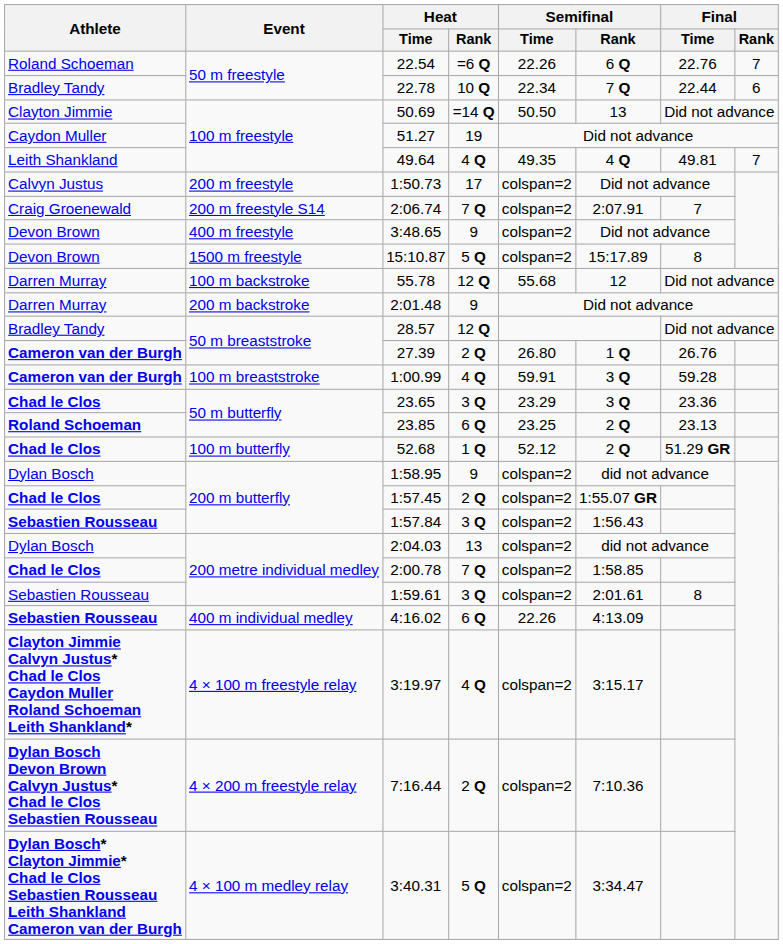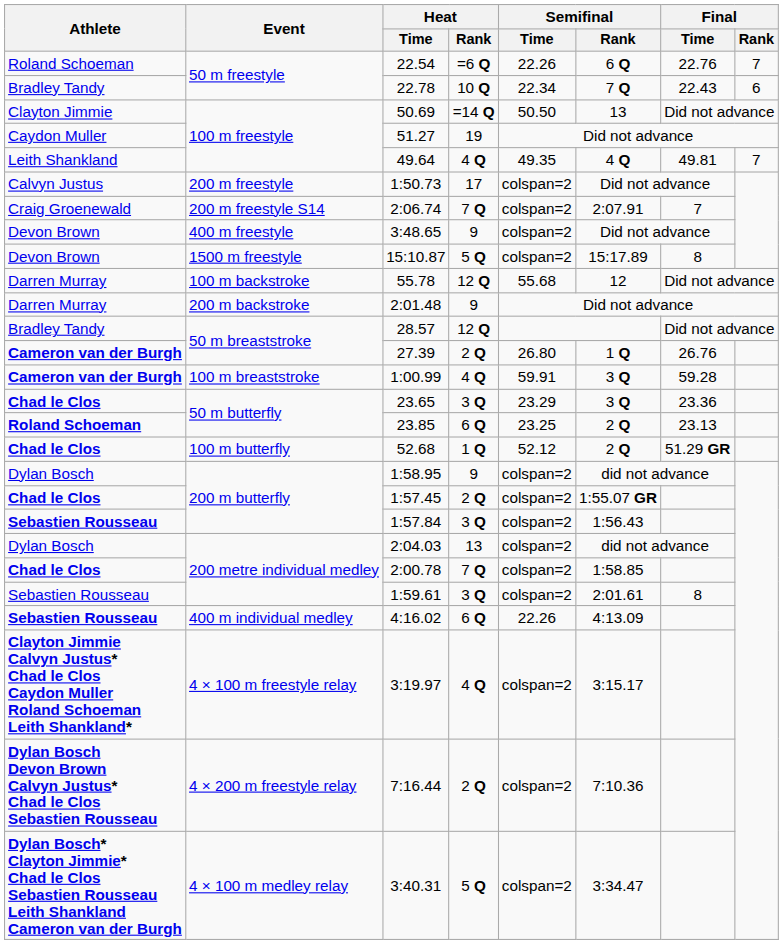 <table class=wikitable style=font-size:90%>
 <tr>
 <th rowspan=2>Athlete</th>
 <th rowspan=2>Event</th>
 <th colspan=2>Heat</th>
 <th colspan=2>Semifinal</th>
 <th colspan=2>Final</th>
 </tr>
 <tr style=font-size:95%>
 <th>Time</th>
 <th>Rank</th>
 <th>Time</th>
 <th>Rank</th>
 <th>Time</th>
 <th>Rank</th>
 </tr>
 <tr align=center>
 <td align=left><a href='#'>Roland Schoeman</a></td>
 <td align=left rowspan=2><a href='#'>50 m freestyle</a></td>
 <td>22.54</td>
 <td>=6 <strong>Q</strong></td>
 <td>22.26</td>
 <td>6 <strong>Q</strong></td>
 <td>22.76</td>
 <td>7</td>
 </tr>
 <tr align=center>
 <td align=left><a href='#'>Bradley Tandy</a></td>
 <td>22.78</td>
 <td>10 <strong>Q</strong></td>
 <td>22.34</td>
 <td>7 <strong>Q</strong></td>
-<td>22.44</td>
+<td>22.43</td>
 <td>6</td>
 </tr>
 <tr align=center>
 <td align=left><a href='#'>Clayton Jimmie</a></td>
 <td align=left rowspan=3><a href='#'>100 m freestyle</a></td>
 <td>50.69</td>
 <td>=14 <strong>Q</strong></td>
 <td>50.50</td>
 <td>13</td>
 <td colspan=2>Did not advance</td>
 </tr>
 <tr align=center>
 <td align=left><a href='#'>Caydon Muller</a></td>
 <td>51.27</td>
 <td>19</td>
 <td colspan=4>Did not advance</td>
 </tr>
 <tr align=center>
 <td align=left><a href='#'>Leith Shankland</a></td>
 <td>49.64</td>
 <td>4 <strong>Q</strong></td>
 <td>49.35</td>
 <td>4 <strong>Q</strong></td>
 <td>49.81</td>
 <td>7</td>
 </tr>
 <tr align=center>
 <td align=left><a href='#'>Calvyn Justus</a></td>
 <td align=left><a href='#'>200 m freestyle</a></td>
 <td>1:50.73</td>
 <td>17</td>
 <td>colspan=2 </td>
 <td colspan=2>Did not advance</td>
 </tr>
 <tr align=center>
 <td align=left><a href='#'>Craig Groenewald</a></td>
 <td align=left><a href='#'>200 m freestyle S14</a></td>
 <td>2:06.74</td>
 <td>7 <strong>Q</strong></td>
 <td>colspan=2 </td>
 <td>2:07.91</td>
 <td>7</td>
 </tr>
 <tr align=center>
 <td align=left><a href='#'>Devon Brown</a></td>
 <td align=left><a href='#'>400 m freestyle</a></td>
 <td>3:48.65</td>
 <td>9</td>
 <td>colspan=2 </td>
 <td colspan=2>Did not advance</td>
 </tr>
 <tr align=center>
 <td align=left><a href='#'>Devon Brown</a></td>
 <td align=left><a href='#'>1500 m freestyle</a></td>
 <td>15:10.87</td>
 <td>5 <strong>Q</strong></td>
 <td>colspan=2 </td>
 <td>15:17.89</td>
 <td>8</td>
 </tr>
 <tr align=center>
 <td align=left><a href='#'>Darren Murray</a></td>
 <td align=left><a href='#'>100 m backstroke</a></td>
 <td>55.78</td>
 <td>12 <strong>Q</strong></td>
 <td>55.68</td>
 <td>12</td>
 <td colspan=2>Did not advance</td>
 </tr>
 <tr align=center>
 <td align=left><a href='#'>Darren Murray</a></td>
 <td align=left><a href='#'>200 m backstroke</a></td>
 <td>2:01.48</td>
 <td>9</td>
 <td colspan=4>Did not advance</td>
 </tr>
 <tr align=center>
 <td align=left><a href='#'>Bradley Tandy</a></td>
 <td align=left rowspan=2><a href='#'>50 m breaststroke</a></td>
 <td>28.57</td>
 <td>12 <strong>Q</strong></td>
 <td colspan=2></td>
 <td colspan=2>Did not advance</td>
 </tr>
 <tr align=center>
 <td align=left><strong><a href='#'>Cameron van der Burgh</a></strong></td>
 <td>27.39</td>
 <td>2 <strong>Q</strong></td>
 <td>26.80</td>
 <td>1 <strong>Q</strong></td>
 <td>26.76</td>
 <td></td>
 </tr>
 <tr align=center>
 <td align=left><strong><a href='#'>Cameron van der Burgh</a></strong></td>
 <td align=left><a href='#'>100 m breaststroke</a></td>
 <td>1:00.99</td>
 <td>4 <strong>Q</strong></td>
 <td>59.91</td>
 <td>3 <strong>Q</strong></td>
 <td>59.28</td>
 <td></td>
 </tr>
 <tr align=center>
 <td align=left><strong><a href='#'>Chad le Clos</a></strong></td>
 <td align=left rowspan=2><a href='#'>50 m butterfly</a></td>
 <td>23.65</td>
 <td>3 <strong>Q</strong></td>
 <td>23.29</td>
 <td>3 <strong>Q</strong></td>
 <td>23.36</td>
 <td></td>
 </tr>
 <tr align=center>
 <td align=left><strong><a href='#'>Roland Schoeman</a></strong></td>
 <td>23.85</td>
 <td>6 <strong>Q</strong></td>
 <td>23.25</td>
 <td>2 <strong>Q</strong></td>
 <td>23.13</td>
 <td></td>
 </tr>
 <tr align=center>
 <td align=left><strong><a href='#'>Chad le Clos</a></strong></td>
 <td align=left><a href='#'>100 m butterfly</a></td>
 <td>52.68</td>
 <td>1 <strong>Q</strong></td>
 <td>52.12</td>
 <td>2 <strong>Q</strong></td>
 <td>51.29 <strong>GR</strong></td>
 <td></td>
 </tr>
 <tr align=center>
 <td align=left><a href='#'>Dylan Bosch</a></td>
 <td align=left rowspan=3><a href='#'>200 m butterfly</a></td>
 <td>1:58.95</td>
 <td>9</td>
 <td>colspan=2 </td>
 <td colspan=2>did not advance</td>
 </tr>
 <tr align=center>
 <td align=left><strong><a href='#'>Chad le Clos</a></strong></td>
 <td>1:57.45</td>
 <td>2 <strong>Q</strong></td>
 <td>colspan=2 </td>
 <td>1:55.07 <strong>GR</strong></td>
 <td></td>
 </tr>
 <tr align=center>
 <td align=left><strong><a href='#'>Sebastien Rousseau</a></strong></td>
 <td>1:57.84</td>
 <td>3 <strong>Q</strong></td>
 <td>colspan=2 </td>
 <td>1:56.43</td>
 <td></td>
 </tr>
 <tr align=center>
 <td align=left><a href='#'>Dylan Bosch</a></td>
 <td align=left rowspan=3><a href='#'>200 metre individual medley</a></td>
 <td>2:04.03</td>
 <td>13</td>
 <td>colspan=2 </td>
 <td colspan=2>did not advance</td>
 </tr>
 <tr align=center>
 <td align=left><strong><a href='#'>Chad le Clos</a></strong></td>
 <td>2:00.78</td>
 <td>7 <strong>Q</strong></td>
 <td>colspan=2 </td>
 <td>1:58.85</td>
 <td></td>
 </tr>
 <tr align=center>
 <td align=left><a href='#'>Sebastien Rousseau</a></td>
 <td>1:59.61</td>
 <td>3 <strong>Q</strong></td>
 <td>colspan=2 </td>
 <td>2:01.61</td>
 <td>8</td>
 </tr>
 <tr align=center>
 <td align=left><strong><a href='#'>Sebastien Rousseau</a></strong></td>
 <td align=left><a href='#'>400 m individual medley</a></td>
 <td>4:16.02</td>
 <td>6 <strong>Q</strong></td>
 <td>22.26</td>
 <td>4:13.09</td>
 <td></td>
 </tr>
 <tr align=center>
 <td align=left><strong><a href='#'>Clayton Jimmie</a><br><a href='#'>Calvyn Justus</a>*<br><a href='#'>Chad le Clos</a><br><a href='#'>Caydon Muller</a><br><a href='#'>Roland Schoeman</a><br><a href='#'>Leith Shankland</a>*</strong></td>
 <td align=left><a href='#'>4 × 100 m freestyle relay</a></td>
 <td>3:19.97</td>
 <td>4 <strong>Q</strong></td>
 <td>colspan=2 </td>
 <td>3:15.17</td>
 <td></td>
 </tr>
 <tr align=center>
 <td align=left><strong><a href='#'>Dylan Bosch</a><br><a href='#'>Devon Brown</a><br><a href='#'>Calvyn Justus</a>*<br><a href='#'>Chad le Clos</a><br><a href='#'>Sebastien Rousseau</a></strong></td>
 <td align=left><a href='#'>4 × 200 m freestyle relay</a></td>
 <td>7:16.44</td>
 <td>2 <strong>Q</strong></td>
 <td>colspan=2 </td>
 <td>7:10.36</td>
 <td></td>
 </tr>
 <tr align=center>
 <td align=left><strong><a href='#'>Dylan Bosch</a>*<br><a href='#'>Clayton Jimmie</a>*<br><a href='#'>Chad le Clos</a><br><a href='#'>Sebastien Rousseau</a><br><a href='#'>Leith Shankland</a><br><a href='#'>Cameron van der Burgh</a></strong></td>
 <td align=left><a href='#'>4 × 100 m medley relay</a></td>
 <td>3:40.31</td>
 <td>5 <strong>Q</strong></td>
 <td>colspan=2 </td>
 <td>3:34.47</td>
 <td></td>
 </tr>
 </table>
